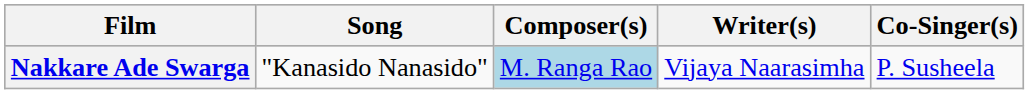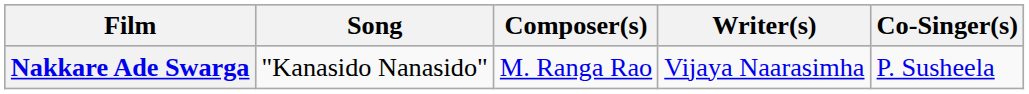 <table class="wikitable">
 <tr>
 <th>Film</th>
 <th>Song</th>
 <th>Composer(s)</th>
 <th>Writer(s)</th>
 <th>Co-Singer(s)</th>
 </tr>
 <tr>
 <th rowspan=4><a href='#'>Nakkare Ade Swarga</a></th>
 <td Rowspan=2>"Kanasido Nanasido"</td>
-<td style="background: lightblue;"><a href='#'>M. Ranga Rao</a></td>
+<td><a href='#'>M. Ranga Rao</a></td>
 <td rowspan=2><a href='#'>Vijaya Naarasimha</a></td>
 <td Rowspan=4><a href='#'>P. Susheela</a></td>
 </tr>
 </table>
